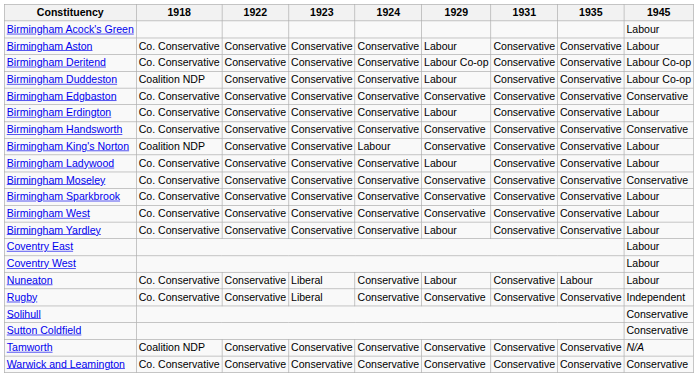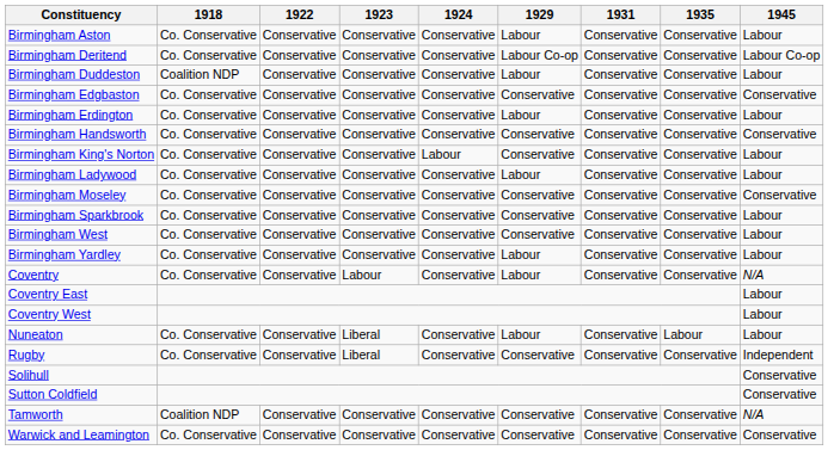 <table class="wikitable sortable">
 <tr>
 <th>Constituency</th>
 <th>1918</th>
 <th>1922</th>
 <th>1923</th>
 <th>1924</th>
 <th>1929</th>
 <th>1931</th>
 <th>1935</th>
 <th>1945</th>
-</tr>
-<tr>
-<td><a href='#'>Birmingham Acock's Green</a></td>
-<td></td>
-<td></td>
-<td></td>
-<td></td>
-<td></td>
-<td></td>
-<td></td>
-<td bgcolor=>Labour</td>
 </tr>
 <tr>
 <td><a href='#'>Birmingham Aston</a></td>
 <td>Co. Conservative</td>
 <td>Conservative</td>
 <td>Conservative</td>
 <td>Conservative</td>
 <td>Labour</td>
 <td>Conservative</td>
 <td>Conservative</td>
 <td bgcolor=>Labour</td>
 </tr>
 <tr>
 <td><a href='#'>Birmingham Deritend</a></td>
 <td>Co. Conservative</td>
 <td>Conservative</td>
 <td>Conservative</td>
 <td>Conservative</td>
 <td>Labour Co-op</td>
 <td>Conservative</td>
 <td>Conservative</td>
 <td bgcolor=>Labour Co-op</td>
 </tr>
 <tr>
 <td><a href='#'>Birmingham Duddeston</a></td>
 <td>Coalition NDP</td>
 <td>Conservative</td>
 <td>Conservative</td>
 <td>Conservative</td>
 <td>Labour</td>
 <td>Conservative</td>
 <td>Conservative</td>
-<td bgcolor=>Labour Co-op</td>
+<td bgcolor=>Labour</td>
 </tr>
 <tr>
 <td><a href='#'>Birmingham Edgbaston</a></td>
 <td>Co. Conservative</td>
 <td>Conservative</td>
 <td>Conservative</td>
 <td>Conservative</td>
 <td>Conservative</td>
 <td>Conservative</td>
 <td>Conservative</td>
 <td bgcolor=>Conservative</td>
 </tr>
 <tr>
 <td><a href='#'>Birmingham Erdington</a></td>
 <td>Co. Conservative</td>
 <td>Conservative</td>
 <td>Conservative</td>
 <td>Conservative</td>
 <td>Labour</td>
 <td>Conservative</td>
 <td>Conservative</td>
 <td bgcolor=>Labour</td>
 </tr>
 <tr>
 <td><a href='#'>Birmingham Handsworth</a></td>
 <td>Co. Conservative</td>
 <td>Conservative</td>
 <td>Conservative</td>
 <td>Conservative</td>
 <td>Conservative</td>
 <td>Conservative</td>
 <td>Conservative</td>
 <td bgcolor=>Conservative</td>
 </tr>
 <tr>
 <td><a href='#'>Birmingham King's Norton</a></td>
-<td>Coalition NDP</td>
+<td>Co. Conservative</td>
 <td>Conservative</td>
 <td>Conservative</td>
 <td>Labour</td>
 <td>Conservative</td>
 <td>Conservative</td>
 <td>Conservative</td>
 <td bgcolor=>Labour</td>
 </tr>
 <tr>
 <td><a href='#'>Birmingham Ladywood</a></td>
 <td>Co. Conservative</td>
 <td>Conservative</td>
 <td>Conservative</td>
 <td>Conservative</td>
 <td>Labour</td>
 <td>Conservative</td>
 <td>Conservative</td>
 <td bgcolor=>Labour</td>
 </tr>
 <tr>
 <td><a href='#'>Birmingham Moseley</a></td>
 <td>Co. Conservative</td>
 <td>Conservative</td>
 <td>Conservative</td>
 <td>Conservative</td>
 <td>Conservative</td>
 <td>Conservative</td>
 <td>Conservative</td>
 <td bgcolor=>Conservative</td>
 </tr>
 <tr>
 <td><a href='#'>Birmingham Sparkbrook</a></td>
 <td>Co. Conservative</td>
 <td>Conservative</td>
 <td>Conservative</td>
 <td>Conservative</td>
 <td>Conservative</td>
 <td>Conservative</td>
 <td>Conservative</td>
 <td bgcolor=>Labour</td>
 </tr>
 <tr>
 <td><a href='#'>Birmingham West</a></td>
 <td>Co. Conservative</td>
 <td>Conservative</td>
 <td>Conservative</td>
 <td>Conservative</td>
 <td>Conservative</td>
 <td>Conservative</td>
 <td>Conservative</td>
 <td bgcolor=>Labour</td>
 </tr>
 <tr>
 <td><a href='#'>Birmingham Yardley</a></td>
 <td>Co. Conservative</td>
 <td>Conservative</td>
 <td>Conservative</td>
 <td>Conservative</td>
 <td>Labour</td>
 <td>Conservative</td>
 <td>Conservative</td>
 <td bgcolor=>Labour</td>
+</tr>
+<tr>
+<td><a href='#'>Coventry</a></td>
+<td>Co. Conservative</td>
+<td>Conservative</td>
+<td>Labour</td>
+<td>Conservative</td>
+<td>Labour</td>
+<td>Conservative</td>
+<td>Conservative</td>
+<td><em>N/A</em></td>
 </tr>
 <tr>
 <td><a href='#'>Coventry East</a></td>
 <td colspan="7"></td>
 <td bgcolor=>Labour</td>
 </tr>
 <tr>
 <td><a href='#'>Coventry West</a></td>
 <td colspan="7"></td>
 <td bgcolor=>Labour</td>
 </tr>
 <tr>
 <td><a href='#'>Nuneaton</a></td>
 <td>Co. Conservative</td>
 <td>Conservative</td>
 <td>Liberal</td>
 <td>Conservative</td>
 <td>Labour</td>
 <td>Conservative</td>
 <td>Labour</td>
 <td bgcolor=>Labour</td>
 </tr>
 <tr>
 <td><a href='#'>Rugby</a></td>
 <td>Co. Conservative</td>
 <td>Conservative</td>
 <td>Liberal</td>
 <td>Conservative</td>
 <td>Conservative</td>
 <td>Conservative</td>
 <td>Conservative</td>
 <td bgcolor=>Independent</td>
 </tr>
 <tr>
 <td><a href='#'>Solihull</a></td>
 <td colspan="7"></td>
 <td bgcolor=>Conservative</td>
 </tr>
 <tr>
 <td><a href='#'>Sutton Coldfield</a></td>
 <td colspan="7"></td>
 <td bgcolor=>Conservative</td>
 </tr>
 <tr>
 <td><a href='#'>Tamworth</a></td>
 <td>Coalition NDP</td>
 <td bgcolor=>Conservative</td>
 <td bgcolor=>Conservative</td>
 <td bgcolor=>Conservative</td>
 <td bgcolor=>Conservative</td>
 <td bgcolor=>Conservative</td>
 <td bgcolor=>Conservative</td>
 <td><em>N/A</em></td>
 </tr>
 <tr>
 <td><a href='#'>Warwick and Leamington</a></td>
 <td>Co. Conservative</td>
 <td>Conservative</td>
 <td>Conservative</td>
 <td>Conservative</td>
 <td>Conservative</td>
 <td>Conservative</td>
 <td>Conservative</td>
 <td bgcolor=>Conservative</td>
 </tr>
 </table>
